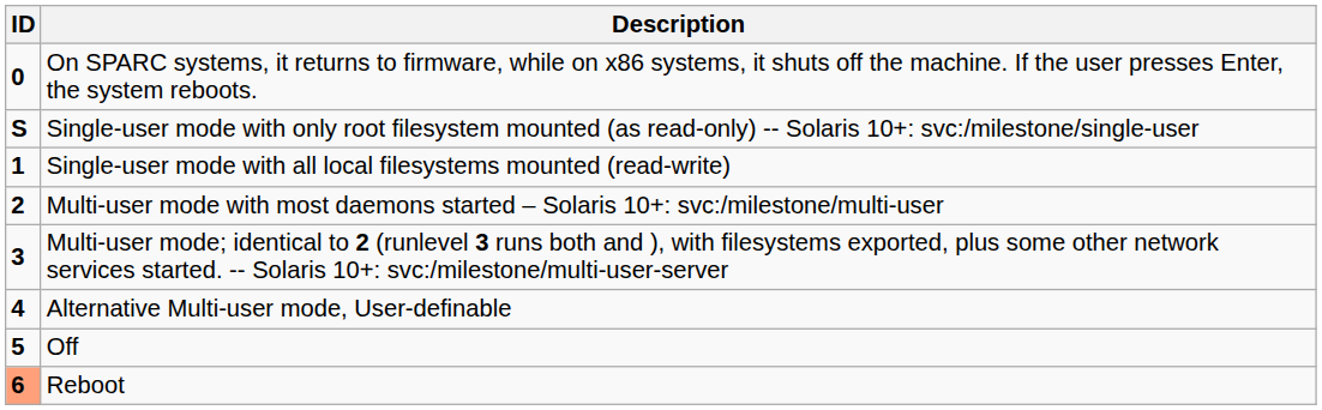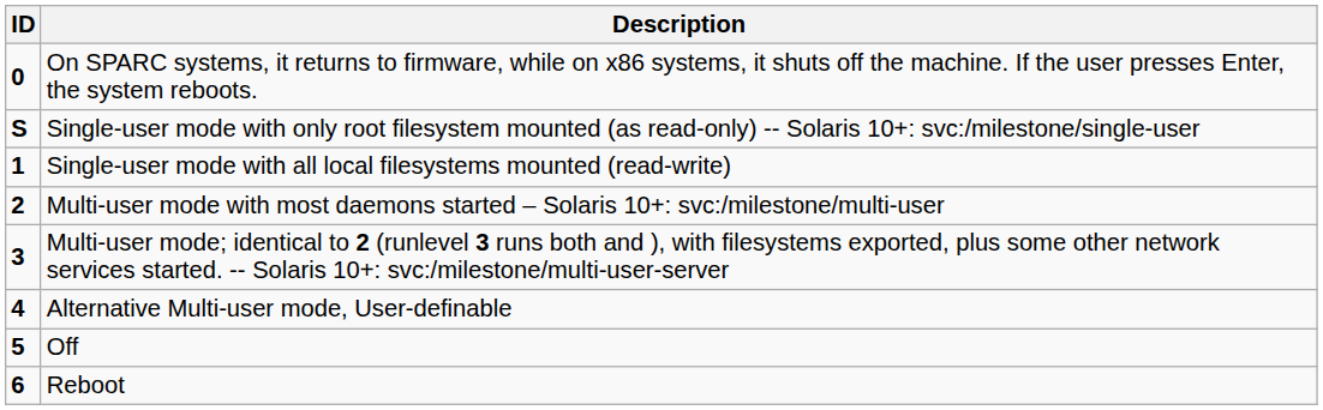 <table class="wikitable">
 <tr>
 <th>ID</th>
 <th>Description</th>
 </tr>
 <tr>
 <td><strong>0</strong></td>
 <td>On SPARC systems, it returns to firmware, while on x86 systems, it shuts off the machine. If the user presses Enter, the system reboots.</td>
 </tr>
 <tr>
 <td><strong>S</strong></td>
 <td>Single-user mode with only root filesystem mounted (as read-only) -- Solaris 10+: svc:/milestone/single-user</td>
 </tr>
 <tr>
 <td><strong>1</strong></td>
 <td>Single-user mode with all local filesystems mounted (read-write)</td>
 </tr>
 <tr>
 <td><strong>2</strong></td>
 <td>Multi-user mode with most daemons started – Solaris 10+: svc:/milestone/multi-user</td>
 </tr>
 <tr>
 <td><strong>3</strong></td>
 <td>Multi-user mode; identical to <strong>2</strong> (runlevel <strong>3</strong> runs both  and ), with filesystems exported, plus some other network services started. -- Solaris 10+: svc:/milestone/multi-user-server</td>
 </tr>
 <tr>
 <td><strong>4</strong></td>
 <td>Alternative Multi-user mode, User-definable</td>
 </tr>
 <tr>
 <td><strong>5</strong></td>
 <td>Off</td>
 </tr>
 <tr>
-<td style="background: lightsalmon;"><strong>6</strong></td>
+<td><strong>6</strong></td>
 <td>Reboot</td>
 </tr>
 </table>
